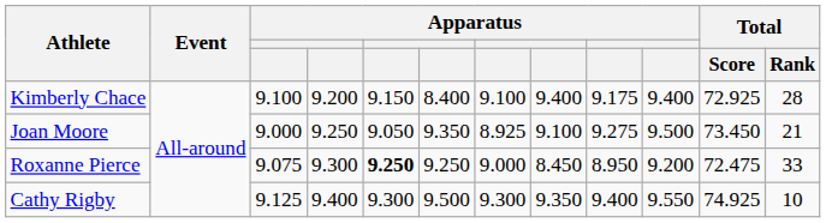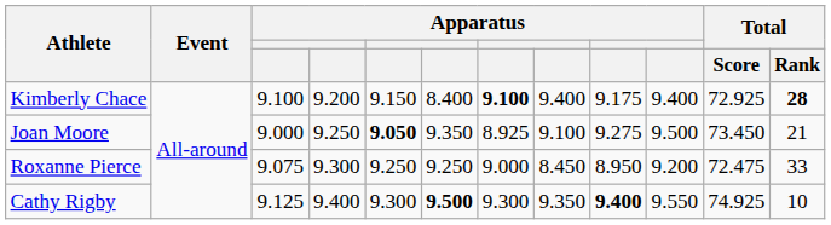 <table class=wikitable style=font-size:90%;text-align:center>
 <tr>
 <th rowspan=3>Athlete</th>
 <th rowspan=3>Event</th>
 <th colspan=8>Apparatus</th>
 <th colspan=2 rowspan=2>Total</th>
 </tr>
 <tr style=font-size:95%>
 <th colspan=2></th>
 <th colspan=2></th>
 <th colspan=2></th>
 <th colspan=2></th>
 </tr>
 <tr style=font-size:95%>
 <th></th>
 <th></th>
 <th></th>
 <th></th>
 <th></th>
 <th></th>
 <th></th>
 <th></th>
 <th>Score</th>
 <th>Rank</th>
 </tr>
 <tr>
 <td align=left><a href='#'>Kimberly Chace</a></td>
 <td align=left rowspan=4><a href='#'>All-around</a></td>
 <td>9.100</td>
 <td>9.200</td>
 <td>9.150</td>
 <td>8.400</td>
-<td>9.100</td>
+<td><strong>9.100</strong></td>
 <td>9.400</td>
 <td>9.175</td>
 <td>9.400</td>
 <td>72.925</td>
-<td>28</td>
+<td><strong>28</strong></td>
 </tr>
 <tr>
 <td align=left><a href='#'>Joan Moore</a></td>
 <td>9.000</td>
 <td>9.250</td>
-<td>9.050</td>
+<td><strong>9.050</strong></td>
 <td>9.350</td>
 <td>8.925</td>
 <td>9.100</td>
 <td>9.275</td>
 <td>9.500</td>
 <td>73.450</td>
 <td>21</td>
 </tr>
 <tr>
 <td align=left><a href='#'>Roxanne Pierce</a></td>
 <td>9.075</td>
 <td>9.300</td>
-<td><strong>9.250</strong></td>
+<td>9.250</td>
 <td>9.250</td>
 <td>9.000</td>
 <td>8.450</td>
 <td>8.950</td>
 <td>9.200</td>
 <td>72.475</td>
 <td>33</td>
 </tr>
 <tr>
 <td align=left><a href='#'>Cathy Rigby</a></td>
 <td>9.125</td>
 <td>9.400</td>
 <td>9.300</td>
-<td>9.500</td>
+<td><strong>9.500</strong></td>
 <td>9.300</td>
 <td>9.350</td>
-<td>9.400</td>
+<td><strong>9.400</strong></td>
 <td>9.550</td>
 <td>74.925</td>
 <td>10</td>
 </tr>
 </table>
